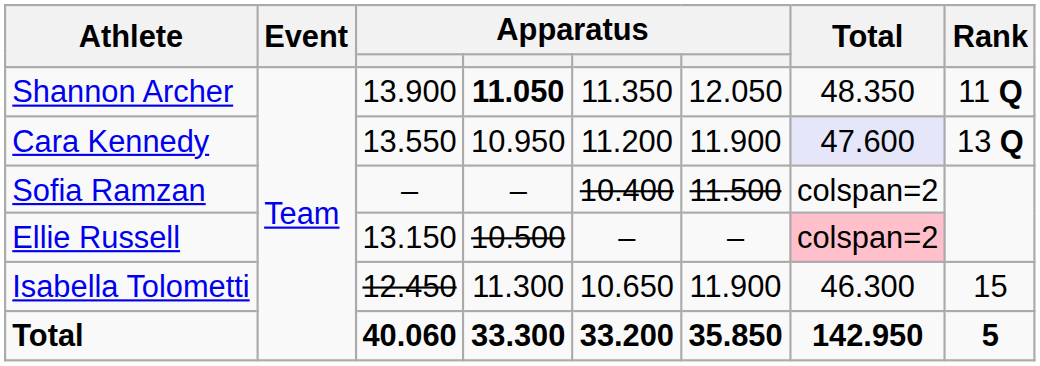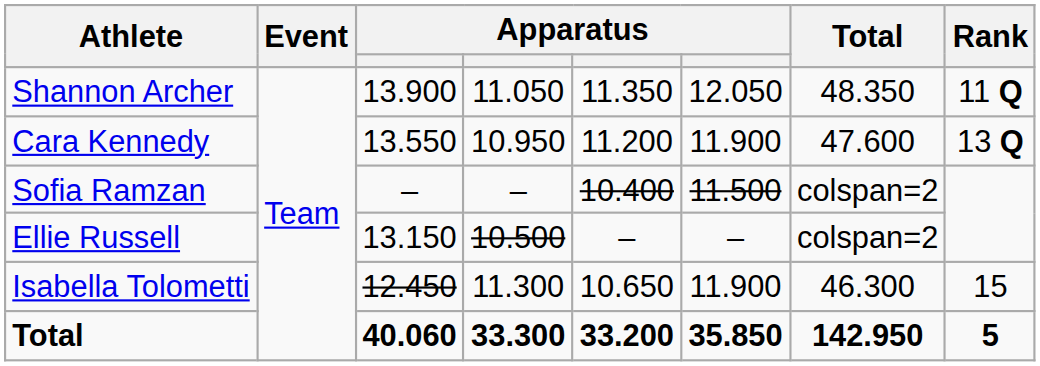 <table class="wikitable" style="font-size:90%">
 <tr>
 <th rowspan=2>Athlete</th>
 <th rowspan=2>Event</th>
 <th colspan=4>Apparatus</th>
 <th rowspan=2>Total</th>
 <th rowspan=2>Rank</th>
 </tr>
 <tr style="font-size:95%">
 <th></th>
 <th></th>
 <th></th>
 <th></th>
 </tr>
 <tr align=center>
 <td align=left><a href='#'>Shannon Archer</a></td>
 <td style="text-align:left;" rowspan="6"><a href='#'>Team</a></td>
 <td align="center">13.900</td>
-<td align="center"><strong>11.050</strong></td>
+<td align="center">11.050</td>
 <td align="center">11.350</td>
 <td align="center">12.050</td>
 <td>48.350</td>
 <td>11 <strong>Q</strong></td>
 </tr>
 <tr align=center>
 <td align=left><a href='#'>Cara Kennedy</a></td>
 <td align="center">13.550</td>
 <td align="center">10.950</td>
 <td align="center">11.200</td>
 <td align="center">11.900</td>
-<td style="background: lavender;">47.600</td>
+<td>47.600</td>
 <td>13 <strong>Q</strong></td>
 </tr>
 <tr align=center>
 <td align=left><a href='#'>Sofia Ramzan</a></td>
 <td align="center">–</td>
 <td align="center">–</td>
 <td align="center"><s>10.400</s></td>
 <td align="center"><s>11.500</s></td>
 <td>colspan=2 </td>
 </tr>
 <tr align=center>
 <td align=left><a href='#'>Ellie Russell</a></td>
 <td align="center">13.150</td>
 <td align="center"><s>10.500</s></td>
 <td align="center">–</td>
 <td align="center">–</td>
-<td style="background: pink;">colspan=2 </td>
+<td>colspan=2 </td>
 </tr>
 <tr align=center>
 <td align=left><a href='#'>Isabella Tolometti</a></td>
 <td align="center"><s>12.450</s></td>
 <td align="center">11.300</td>
 <td align="center">10.650</td>
 <td align="center">11.900</td>
 <td>46.300</td>
 <td>15</td>
 </tr>
 <tr align=center>
 <td align=left><strong>Total</strong></td>
 <td><strong>40.060</strong></td>
 <td><strong>33.300</strong></td>
 <td><strong>33.200</strong></td>
 <td><strong>35.850</strong></td>
 <td><strong>142.950</strong></td>
 <td><strong>5</strong></td>
 </tr>
 </table>
